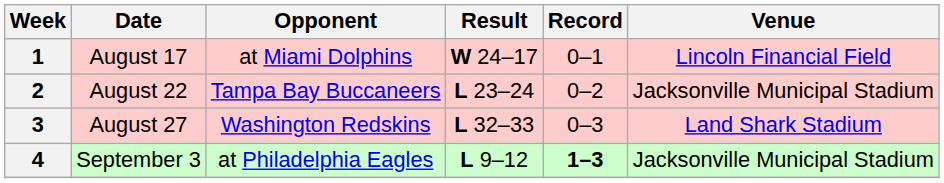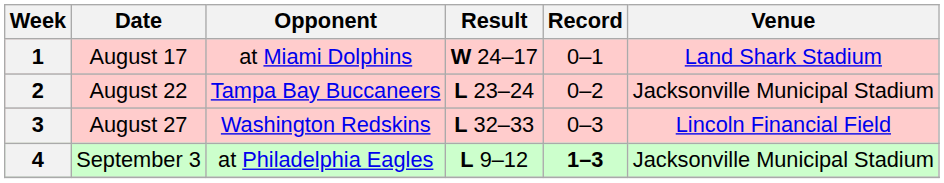 <table class="wikitable" style="text-align:center">
 <tr>
 <th>Week</th>
 <th>Date</th>
 <th>Opponent</th>
 <th>Result</th>
 <th>Record</th>
 <th>Venue</th>
 </tr>
 <tr style="background:#fcc;">
 <th>1</th>
 <td>August 17</td>
 <td>at <a href='#'>Miami Dolphins</a></td>
 <td><strong>W</strong> 24–17</td>
 <td>0–1</td>
-<td><a href='#'>Lincoln Financial Field</a></td>
+<td><a href='#'>Land Shark Stadium</a></td>
 </tr>
 <tr style="background:#fcc;">
 <th>2</th>
 <td>August 22</td>
 <td><a href='#'>Tampa Bay Buccaneers</a></td>
 <td><strong>L</strong> 23–24</td>
 <td>0–2</td>
 <td>Jacksonville Municipal Stadium</td>
 </tr>
 <tr style="background:#fcc;">
 <th>3</th>
 <td>August 27</td>
 <td><a href='#'>Washington Redskins</a></td>
 <td><strong>L</strong> 32–33</td>
 <td>0–3</td>
-<td><a href='#'>Land Shark Stadium</a></td>
+<td><a href='#'>Lincoln Financial Field</a></td>
 </tr>
 <tr style="background:#cfc;">
 <th>4</th>
 <td>September 3</td>
 <td>at <a href='#'>Philadelphia Eagles</a></td>
 <td><strong>L</strong> 9–12</td>
 <td><strong>1–3</strong></td>
 <td>Jacksonville Municipal Stadium</td>
 </tr>
 <tr>
 </tr>
 </table>
